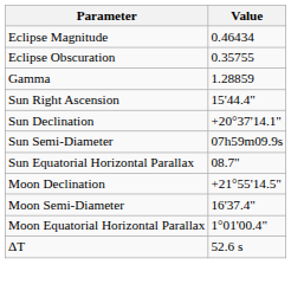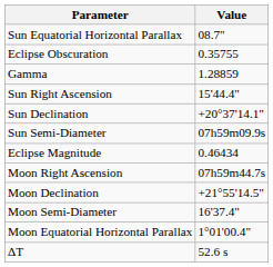 <table class="wikitable">
 <tr>
 <th>Parameter</th>
 <th>Value</th>
 </tr>
 <tr>
-<td>Eclipse Magnitude</td>
-<td>0.46434</td>
+<td>Sun Equatorial Horizontal Parallax</td>
+<td>08.7"</td>
 </tr>
 <tr>
 <td>Eclipse Obscuration</td>
 <td>0.35755</td>
 </tr>
 <tr>
 <td>Gamma</td>
 <td>1.28859</td>
 </tr>
 <tr>
 <td>Sun Right Ascension</td>
 <td>15'44.4"</td>
 </tr>
 <tr>
 <td>Sun Declination</td>
 <td>+20°37'14.1"</td>
 </tr>
 <tr>
 <td>Sun Semi-Diameter</td>
 <td>07h59m09.9s</td>
 </tr>
 <tr>
-<td>Sun Equatorial Horizontal Parallax</td>
-<td>08.7"</td>
+<td>Eclipse Magnitude</td>
+<td>0.46434</td>
+</tr>
+<tr>
+<td>Moon Right Ascension</td>
+<td>07h59m44.7s</td>
 </tr>
 <tr>
 <td>Moon Declination</td>
 <td>+21°55'14.5"</td>
 </tr>
 <tr>
 <td>Moon Semi-Diameter</td>
 <td>16'37.4"</td>
 </tr>
 <tr>
 <td>Moon Equatorial Horizontal Parallax</td>
 <td>1°01'00.4"</td>
 </tr>
 <tr>
 <td>ΔT</td>
 <td>52.6 s</td>
 </tr>
 </table>
